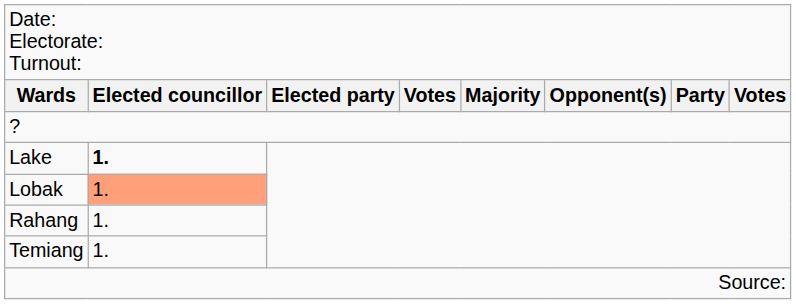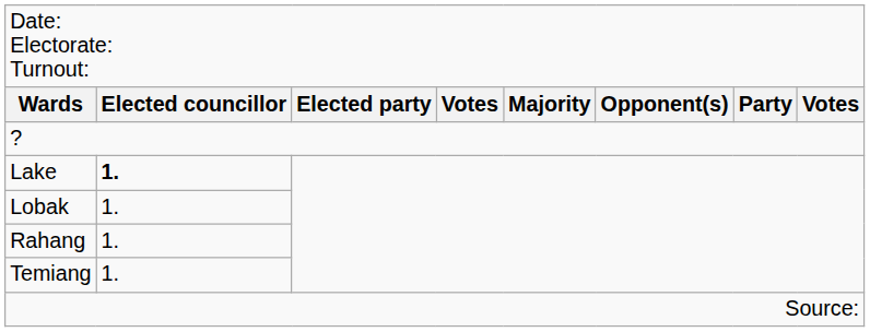 <table class=wikitable>
 <tr>
 <td colspan=8>Date: <br>Electorate: <br>Turnout:</td>
 </tr>
 <tr>
 <th>Wards</th>
 <th>Elected councillor</th>
 <th>Elected party</th>
 <th>Votes</th>
 <th>Majority</th>
 <th>Opponent(s)</th>
 <th>Party</th>
 <th>Votes</th>
 </tr>
 <tr>
 <td colspan=8>? </td>
 </tr>
 <tr>
 <td>Lake</td>
 <td><strong>1.</strong></td>
 </tr>
 <tr>
 <td>Lobak</td>
-<td style="background: lightsalmon;">1.</td>
+<td>1.</td>
 </tr>
 <tr>
 <td>Rahang</td>
 <td>1.</td>
 </tr>
 <tr>
 <td>Temiang</td>
 <td>1.</td>
 </tr>
 <tr>
 <td colspan=8 align=right>Source:</td>
 </tr>
 </table>
